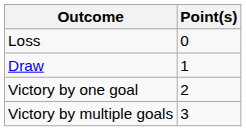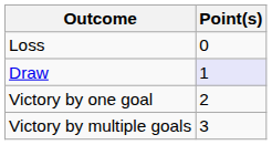 <table class="wikitable" style="font-size:95%">
 <tr>
 <th>Outcome</th>
 <th>Point(s)</th>
 </tr>
 <tr --->
 <td>Loss</td>
 <td>0</td>
 </tr>
 <tr>
 <td><a href='#'>Draw</a></td>
-<td>1</td>
+<td style="background: lavender;">1</td>
 </tr>
 <tr>
 <td>Victory by one goal</td>
 <td>2</td>
 </tr>
 <tr>
 <td>Victory by multiple goals</td>
 <td>3</td>
 </tr>
 </table>
